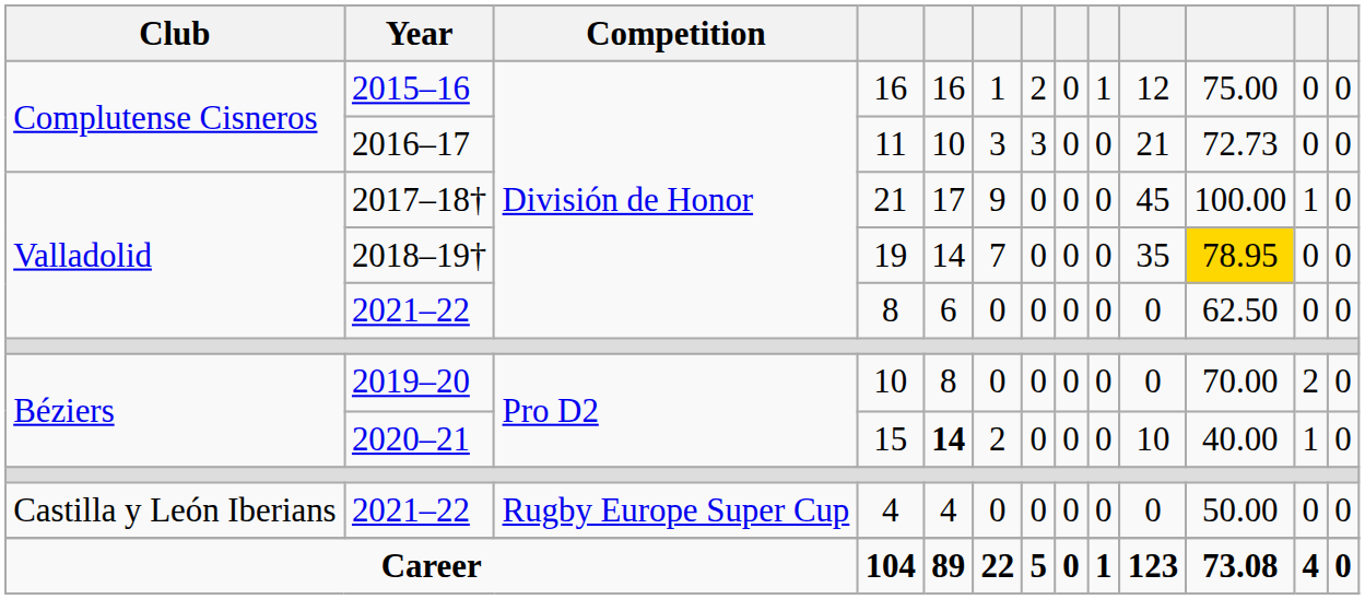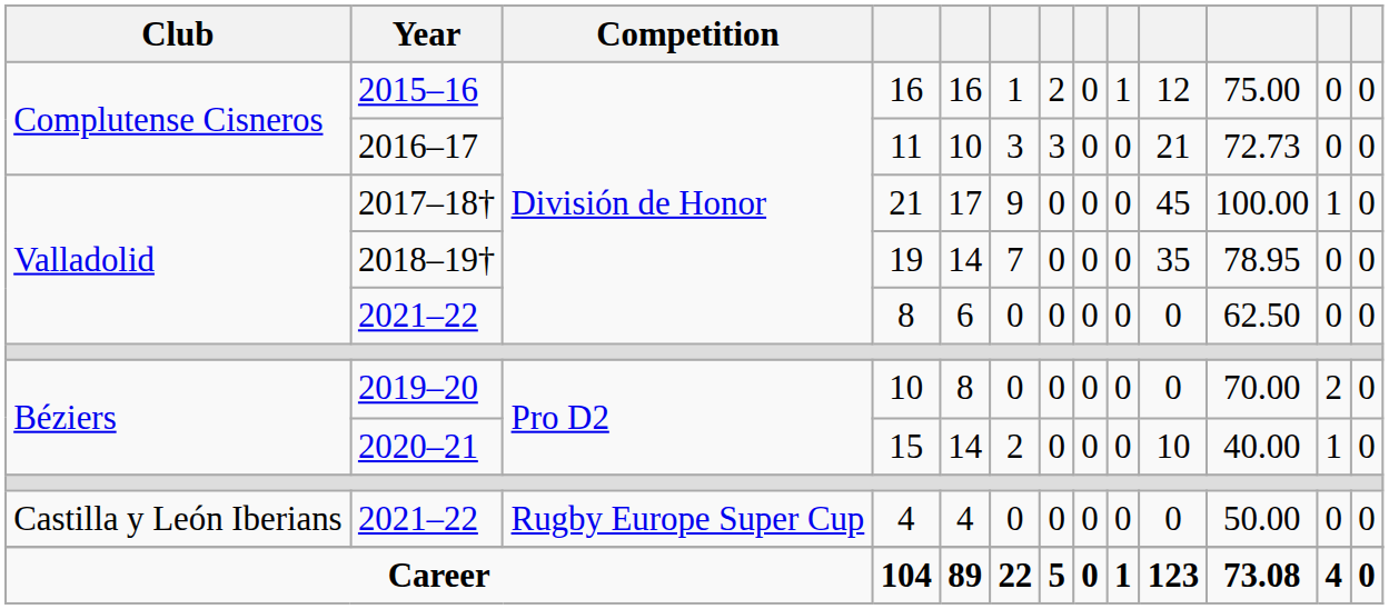 <table class="wikitable sortable" style="text-align:center; font-size:95%">
 <tr>
 <th>Club</th>
 <th>Year</th>
 <th>Competition</th>
 <th></th>
 <th></th>
 <th></th>
 <th></th>
 <th></th>
 <th></th>
 <th></th>
 <th></th>
 <th></th>
 <th></th>
 </tr>
 <tr>
 <td rowspan=2 style="text-align:left;"><a href='#'>Complutense Cisneros</a></td>
 <td style="text-align:left;"><a href='#'>2015–16</a></td>
 <td rowspan=5 style="text-align:left;"><a href='#'>División de Honor</a></td>
 <td>16</td>
 <td>16</td>
 <td>1</td>
 <td>2</td>
 <td>0</td>
 <td>1</td>
 <td>12</td>
 <td>75.00</td>
 <td>0</td>
 <td>0</td>
 </tr>
 <tr>
 <td style="text-align:left;">2016–17</td>
 <td>11</td>
 <td>10</td>
 <td>3</td>
 <td>3</td>
 <td>0</td>
 <td>0</td>
 <td>21</td>
 <td>72.73</td>
 <td>0</td>
 <td>0</td>
 </tr>
 <tr>
 <td rowspan=3 style="text-align:left;"><a href='#'>Valladolid</a></td>
 <td style="text-align:left;">2017–18†</td>
 <td>21</td>
 <td>17</td>
 <td>9</td>
 <td>0</td>
 <td>0</td>
 <td>0</td>
 <td>45</td>
 <td>100.00</td>
 <td>1</td>
 <td>0</td>
 </tr>
 <tr>
 <td style="text-align:left;">2018–19†</td>
 <td>19</td>
 <td>14</td>
 <td>7</td>
 <td>0</td>
 <td>0</td>
 <td>0</td>
 <td>35</td>
-<td style="background: gold;">78.95</td>
+<td>78.95</td>
 <td>0</td>
 <td>0</td>
 </tr>
 <tr>
 <td style="text-align:left;"><a href='#'>2021–22</a></td>
 <td>8</td>
 <td>6</td>
 <td>0</td>
 <td>0</td>
 <td>0</td>
 <td>0</td>
 <td>0</td>
 <td>62.50</td>
 <td>0</td>
 <td>0</td>
 </tr>
 <tr>
 <td colspan=13 style="background-color: #DDDDDD"></td>
 </tr>
 <tr>
 <td rowspan=2 style="text-align:left;"><a href='#'>Béziers</a></td>
 <td style="text-align:left;"><a href='#'>2019–20</a></td>
 <td rowspan=2 style="text-align:left;"><a href='#'>Pro D2</a></td>
 <td>10</td>
 <td>8</td>
 <td>0</td>
 <td>0</td>
 <td>0</td>
 <td>0</td>
 <td>0</td>
 <td>70.00</td>
 <td>2</td>
 <td>0</td>
 </tr>
 <tr>
 <td style="text-align:left;"><a href='#'>2020–21</a></td>
 <td>15</td>
-<td><strong>14</strong></td>
+<td>14</td>
 <td>2</td>
 <td>0</td>
 <td>0</td>
 <td>0</td>
 <td>10</td>
 <td>40.00</td>
 <td>1</td>
 <td>0</td>
 </tr>
 <tr>
 <td colspan=13 style="background-color: #DDDDDD"></td>
 </tr>
 <tr>
 <td rowspan=1 style="text-align:left;">Castilla y León Iberians</td>
 <td style="text-align:left;"><a href='#'>2021–22</a></td>
 <td rowspan=1 style="text-align:left;"><a href='#'>Rugby Europe Super Cup</a></td>
 <td>4</td>
 <td>4</td>
 <td>0</td>
 <td>0</td>
 <td>0</td>
 <td>0</td>
 <td>0</td>
 <td>50.00</td>
 <td>0</td>
 <td>0</td>
 </tr>
 <tr>
 </tr>
 <tr class="sortbottom" valign="top">
 <td colspan=3 style="text-align: center"><strong>Career</strong></td>
 <td><strong>104</strong></td>
 <td><strong>89</strong></td>
 <td><strong>22</strong></td>
 <td><strong>5</strong></td>
 <td><strong>0</strong></td>
 <td><strong>1</strong></td>
 <td><strong>123</strong></td>
 <td><strong>73.08</strong></td>
 <td><strong>4</strong></td>
 <td><strong>0</strong></td>
 </tr>
 </table>
